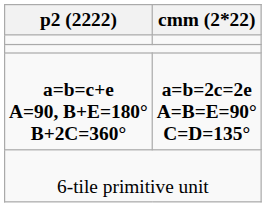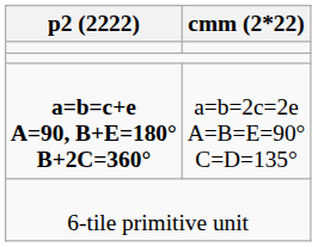 <table class=wikitable>
 <tr>
 <th>p2 (2222)</th>
 <th>cmm (2*22)</th>
 </tr>
 <tr align=center>
 <td></td>
 <td></td>
 </tr>
 <tr align=center>
 <td colspan=2></td>
 </tr>
 <tr align=center>
 <td><strong><br>a=b=c+e<br>A=90, B+E=180°<br>B+2C=360°</strong></td>
-<td><strong><br>a=b=2c=2e<br>A=B=E=90°<br>C=D=135°</strong></td>
+<td><br>a=b=2c=2e<br>A=B=E=90°<br>C=D=135°</td>
 </tr>
 <tr align=center>
 <td colspan=2><br>6-tile primitive unit</td>
 </tr>
 </table>
